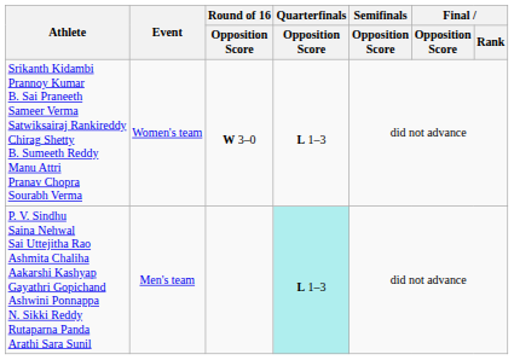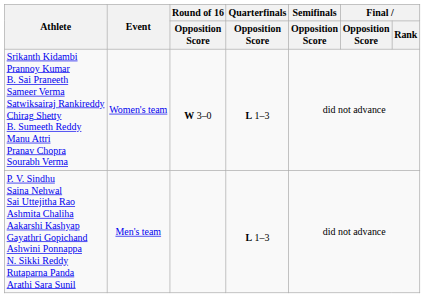 <table class=wikitable style="text-align:center; font-size:90%">
 <tr>
 <th rowspan="2">Athlete</th>
 <th rowspan="2">Event</th>
 <th>Round of 16</th>
 <th>Quarterfinals</th>
 <th>Semifinals</th>
 <th colspan="2">Final / </th>
 </tr>
 <tr>
 <th>Opposition<br>Score</th>
 <th>Opposition<br>Score</th>
 <th>Opposition<br>Score</th>
 <th>Opposition<br>Score</th>
 <th>Rank</th>
 </tr>
 <tr>
 <td align=left><a href='#'>Srikanth Kidambi</a> <br> <a href='#'>Prannoy Kumar</a> <br> <a href='#'>B. Sai Praneeth</a> <br> <a href='#'>Sameer Verma</a> <br> <a href='#'>Satwiksairaj Rankireddy</a> <br> <a href='#'>Chirag Shetty</a> <br> <a href='#'>B. Sumeeth Reddy</a> <br> <a href='#'>Manu Attri</a> <br> <a href='#'>Pranav Chopra</a> <br> <a href='#'>Sourabh Verma</a></td>
 <td><a href='#'>Women's team</a></td>
 <td><br><strong>W</strong> 3–0</td>
 <td><br><strong>L</strong> 1–3</td>
 <td colspan="3">did not advance</td>
 </tr>
 <tr>
 <td align=left><a href='#'>P. V. Sindhu</a> <br> <a href='#'>Saina Nehwal</a> <br> <a href='#'>Sai Uttejitha Rao</a> <br> <a href='#'>Ashmita Chaliha</a> <br> <a href='#'>Aakarshi Kashyap</a> <br> <a href='#'>Gayathri Gopichand</a> <br> <a href='#'>Ashwini Ponnappa</a> <br> <a href='#'>N. Sikki Reddy</a> <br> <a href='#'>Rutaparna Panda</a> <br> <a href='#'>Arathi Sara Sunil</a></td>
 <td><a href='#'>Men's team</a></td>
 <td></td>
-<td style="background: paleturquoise;"><br><strong>L</strong> 1–3</td>
+<td><br><strong>L</strong> 1–3</td>
 <td colspan="3">did not advance</td>
 </tr>
 </table>
